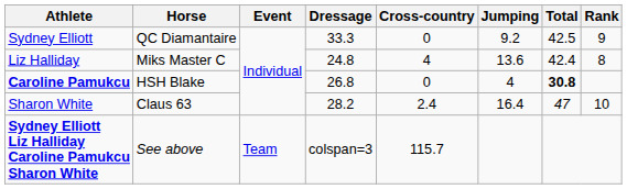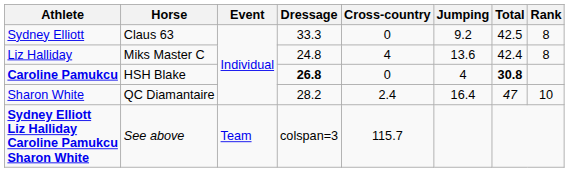 <table class=wikitable style=font-size:90%;text-align:center>
 <tr>
 <th>Athlete</th>
 <th>Horse</th>
 <th>Event</th>
 <th>Dressage</th>
 <th>Cross-country</th>
 <th>Jumping</th>
 <th>Total</th>
 <th>Rank</th>
 </tr>
 <tr>
 <td align=left><a href='#'>Sydney Elliott</a></td>
-<td align=left>QC Diamantaire</td>
+<td align=left>Claus 63</td>
 <td align=left rowspan=4><a href='#'>Individual</a></td>
 <td>33.3</td>
 <td>0</td>
 <td>9.2</td>
 <td>42.5</td>
-<td>9</td>
+<td>8</td>
 </tr>
 <tr>
 <td align=left><a href='#'>Liz Halliday</a></td>
 <td align=left>Miks Master C</td>
 <td>24.8</td>
 <td>4</td>
 <td>13.6</td>
 <td>42.4</td>
 <td>8</td>
 </tr>
 <tr>
 <td align=left><strong><a href='#'>Caroline Pamukcu</a></strong></td>
 <td align=left>HSH Blake</td>
-<td>26.8</td>
+<td><strong>26.8</strong></td>
 <td>0</td>
 <td>4</td>
 <td><strong>30.8</strong></td>
 <td></td>
 </tr>
 <tr>
 <td align=left><a href='#'>Sharon White</a></td>
-<td align=left>Claus 63</td>
+<td align=left>QC Diamantaire</td>
 <td>28.2</td>
 <td>2.4</td>
 <td>16.4</td>
 <td><em>47</em></td>
 <td>10</td>
 </tr>
 <tr>
 <td align=left><strong><a href='#'>Sydney Elliott</a><br><a href='#'>Liz Halliday</a><br><a href='#'>Caroline Pamukcu</a><br><a href='#'>Sharon White</a></strong></td>
 <td align=left><em>See above</em></td>
 <td align=left><a href='#'>Team</a></td>
 <td>colspan=3 </td>
 <td>115.7</td>
 <td></td>
 </tr>
 </table>
